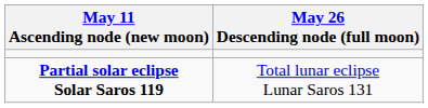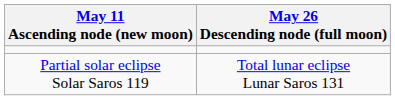 <table class="wikitable">
 <tr>
 <th><a href='#'>May 11</a><br>Ascending node (new moon)<br></th>
 <th><a href='#'>May 26</a><br>Descending node (full moon)<br></th>
 </tr>
 <tr>
 <td></td>
 <td></td>
 </tr>
 <tr align=center>
-<td><strong><a href='#'>Partial solar eclipse</a><br>Solar Saros 119</strong></td>
+<td><a href='#'>Partial solar eclipse</a><br>Solar Saros 119</td>
 <td><a href='#'>Total lunar eclipse</a><br>Lunar Saros 131</td>
 </tr>
 </table>
